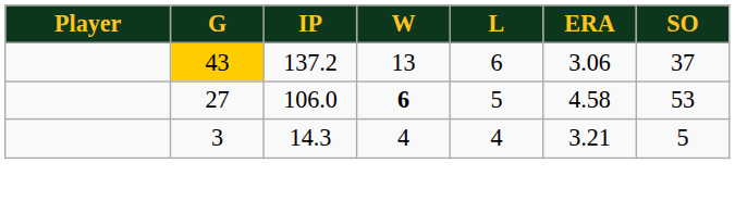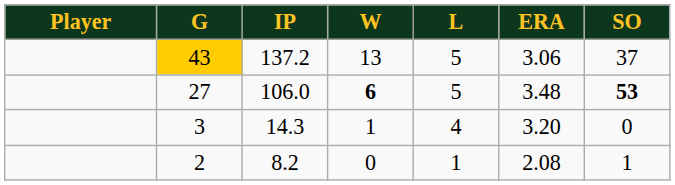 <table class="wikitable sortable">
 <tr>
 <th style="background:#0C371D;color:#ffc322;" width="16%">Player</th>
 <th style="background:#0C371D;color:#ffc322;" width="9%">G</th>
 <th style="background:#0C371D;color:#ffc322;" width="9%">IP</th>
 <th style="background:#0C371D;color:#ffc322;" width="9%">W</th>
 <th style="background:#0C371D;color:#ffc322;" width="9%">L</th>
 <th style="background:#0C371D;color:#ffc322;" width="9%">ERA</th>
 <th style="background:#0C371D;color:#ffc322;" width="9%">SO</th>
 </tr>
 <tr align="center">
 <td></td>
 <td style="background:#fc0;">43</td>
 <td>137.2</td>
 <td>13</td>
-<td>6</td>
+<td>5</td>
 <td>3.06</td>
 <td>37</td>
 </tr>
 <tr align="center">
 <td></td>
 <td>27</td>
 <td>106.0</td>
 <td><strong>6</strong></td>
 <td>5</td>
-<td>4.58</td>
-<td>53</td>
+<td>3.48</td>
+<td><strong>53</strong></td>
 </tr>
 <tr align="center">
 <td></td>
 <td>3</td>
 <td>14.3</td>
+<td>1</td>
 <td>4</td>
-<td>4</td>
-<td>3.21</td>
-<td>5</td>
+<td>3.20</td>
+<td>0</td>
+</tr>
+<tr align="center">
+<td></td>
+<td>2</td>
+<td>8.2</td>
+<td>0</td>
+<td>1</td>
+<td>2.08</td>
+<td>1</td>
 </tr>
 </table>
